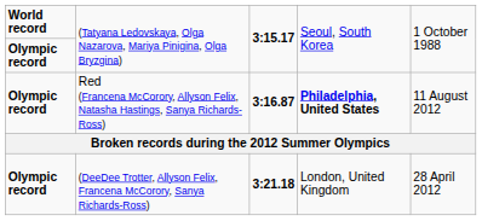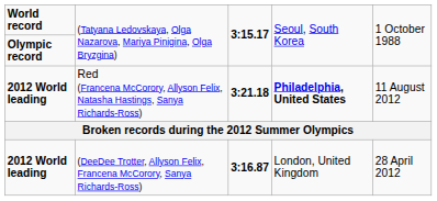 <table class="wikitable">
 <tr>
 <td><strong>World record</strong></td>
 <td rowspan=2><br><small>(<a href='#'>Tatyana Ledovskaya</a>, <a href='#'>Olga Nazarova</a>, <a href='#'>Mariya Pinigina</a>, <a href='#'>Olga Bryzgina</a>)</small></td>
 <td rowspan=2><strong>3:15.17</strong></td>
 <td rowspan=2><a href='#'>Seoul</a>, <a href='#'>South Korea</a></td>
 <td rowspan=2>1 October 1988</td>
 </tr>
 <tr>
 <td><strong>Olympic record</strong></td>
 </tr>
 <tr>
-<td><strong>Olympic record</strong></td>
+<td><strong>2012 World leading</strong></td>
 <td> Red<br><small>(<a href='#'>Francena McCorory</a>, <a href='#'>Allyson Felix</a>, <a href='#'>Natasha Hastings</a>, <a href='#'>Sanya Richards-Ross</a>)</small></td>
-<td><strong>3:16.87</strong></td>
+<td><strong>3:21.18</strong></td>
 <td><strong><a href='#'>Philadelphia</a>, United States</strong></td>
 <td>11 August 2012</td>
 </tr>
 <tr>
 <th colspan="5">Broken records during the 2012 Summer Olympics</th>
 </tr>
 <tr>
-<td><strong>Olympic record</strong></td>
+<td><strong>2012 World leading</strong></td>
 <td><br><small>(<a href='#'>DeeDee Trotter</a>, <a href='#'>Allyson Felix</a>, <a href='#'>Francena McCorory</a>, <a href='#'>Sanya Richards-Ross</a>)</small></td>
-<td><strong>3:21.18</strong></td>
+<td><strong>3:16.87</strong></td>
 <td>London, United Kingdom</td>
 <td>28 April 2012</td>
 </tr>
 </table>
